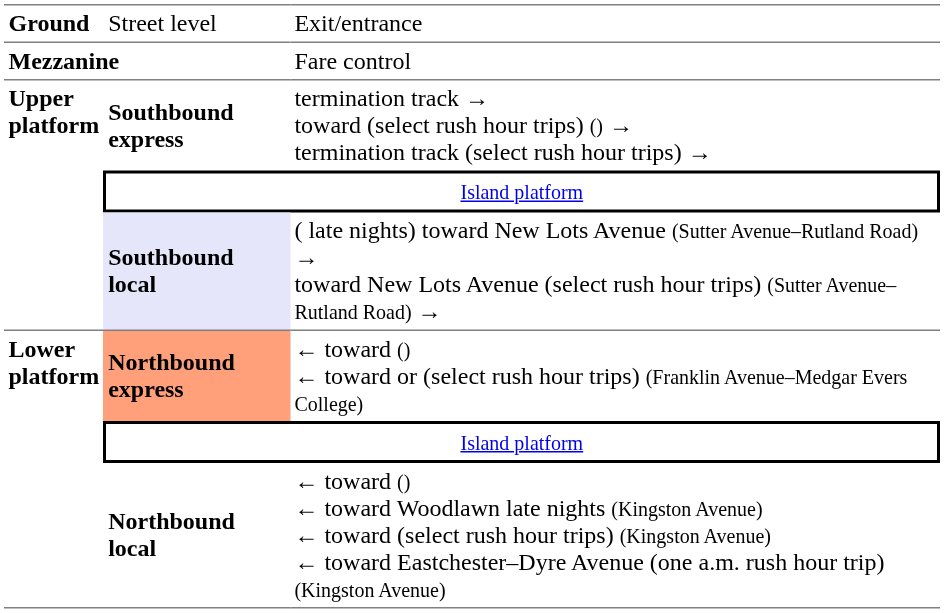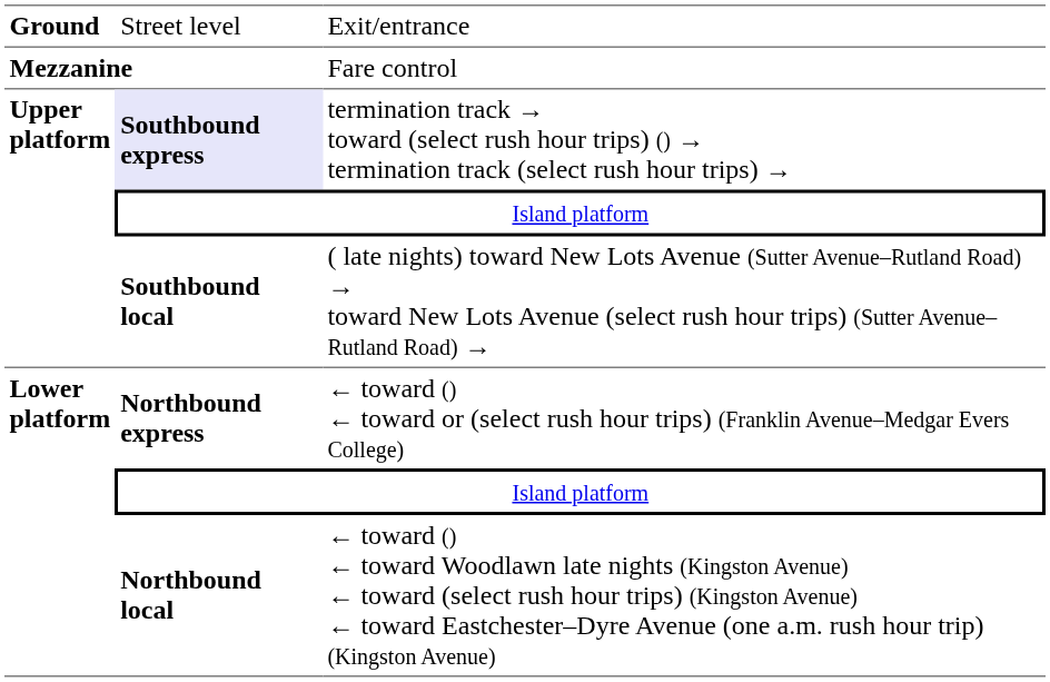 <table border=0 cellspacing=0 cellpadding=3>
 <tr>
 <td style="border-top:solid 1px gray;" width=50><strong>Ground</strong></td>
 <td style="border-top:solid 1px gray;" width=150>Street level</td>
 <td style="border-top:solid 1px gray;" width=750>Exit/entrance</td>
 </tr>
 <tr>
 <td style="border-top:solid 1px gray;border-bottom:solid 1px gray;" colspan=2><strong>Mezzanine</strong></td>
 <td style="border-top:solid 1px gray;border-bottom:solid 1px gray;">Fare control<br></td>
 </tr>
 <tr>
 <td style="border-bottom:solid 1px gray;" rowspan=3 valign=top><strong>Upper platform</strong></td>
-<td><span><strong>Southbound express</strong></span></td>
+<td style="background: lavender;"><span><strong>Southbound express</strong></span></td>
 <td>  termination track →<br>  toward  (select rush hour trips) <small>()</small> →<br>  termination track (select rush hour trips) →</td>
 </tr>
 <tr>
 <td style="border-top:solid 2px black;border-right:solid 2px black;border-left:solid 2px black;border-bottom:solid 2px black;text-align:center;" colspan=2><small><a href='#'>Island platform</a> </small></td>
 </tr>
 <tr>
-<td style="background: lavender; border-bottom:solid 1px gray;"><span><strong>Southbound local</strong></span></td>
+<td style="border-bottom:solid 1px gray;"><span><strong>Southbound local</strong></span></td>
 <td style="border-bottom:solid 1px gray;">  ( late nights) toward New Lots Avenue <small>(Sutter Avenue–Rutland Road)</small> →<br>  toward New Lots Avenue (select rush hour trips) <small>(Sutter Avenue–Rutland Road)</small> →</td>
 </tr>
 <tr>
 <td style="border-bottom:solid 1px gray;" rowspan=3 valign=top><strong>Lower platform</strong></td>
-<td style="background: lightsalmon;"><span><strong> Northbound express</strong></span></td>
+<td><span><strong> Northbound express</strong></span></td>
 <td>←  toward  <small>()</small><br>←  toward  or  (select rush hour trips) <small>(Franklin Avenue–Medgar Evers College)</small></td>
 </tr>
 <tr>
 <td style="border-top:solid 2px black;border-right:solid 2px black;border-left:solid 2px black;border-bottom:solid 2px black;text-align:center;" colspan=2><small><a href='#'>Island platform</a> </small></td>
 </tr>
 <tr>
 <td style="border-bottom:solid 1px gray;"><span><strong>Northbound local</strong></span></td>
 <td style="border-bottom:solid 1px gray;">←  toward  <small>()</small><br>←  toward Woodlawn late nights <small>(Kingston Avenue)</small><br>←  toward  (select rush hour trips) <small>(Kingston Avenue)</small><br>←  toward Eastchester–Dyre Avenue (one a.m. rush hour trip) <small>(Kingston Avenue)</small></td>
 </tr>
 </table>
